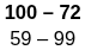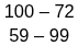 <table style="text-align:center;">
 <tr>
 <th width=200></th>
 <th width=100></th>
 <th width=200></th>
 <th></th>
 </tr>
 <tr>
 <td align=right><strong></strong></td>
-<td><strong>100 – 72</strong></td>
+<td>100 – 72</td>
 <td align=left></td>
 </tr>
 <tr>
 <td align=right></td>
 <td>59 – 99</td>
 <td align=left><strong></strong></td>
 </tr>
 </table>
